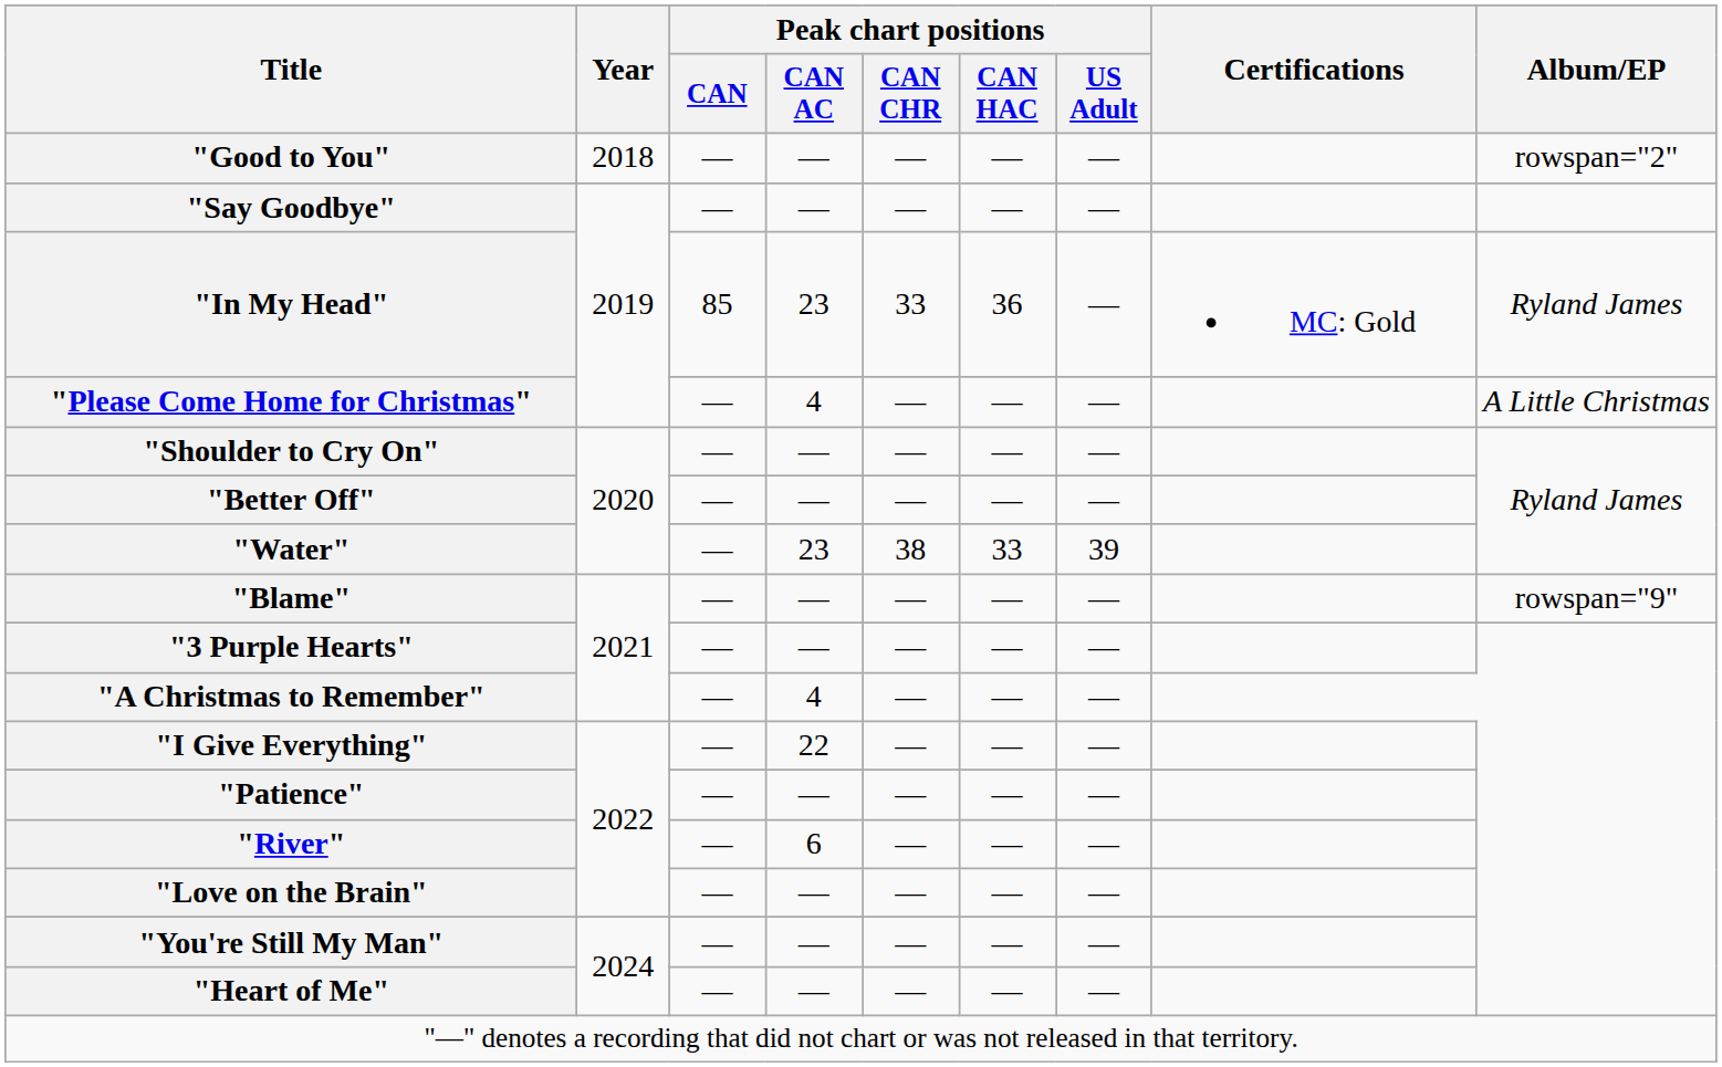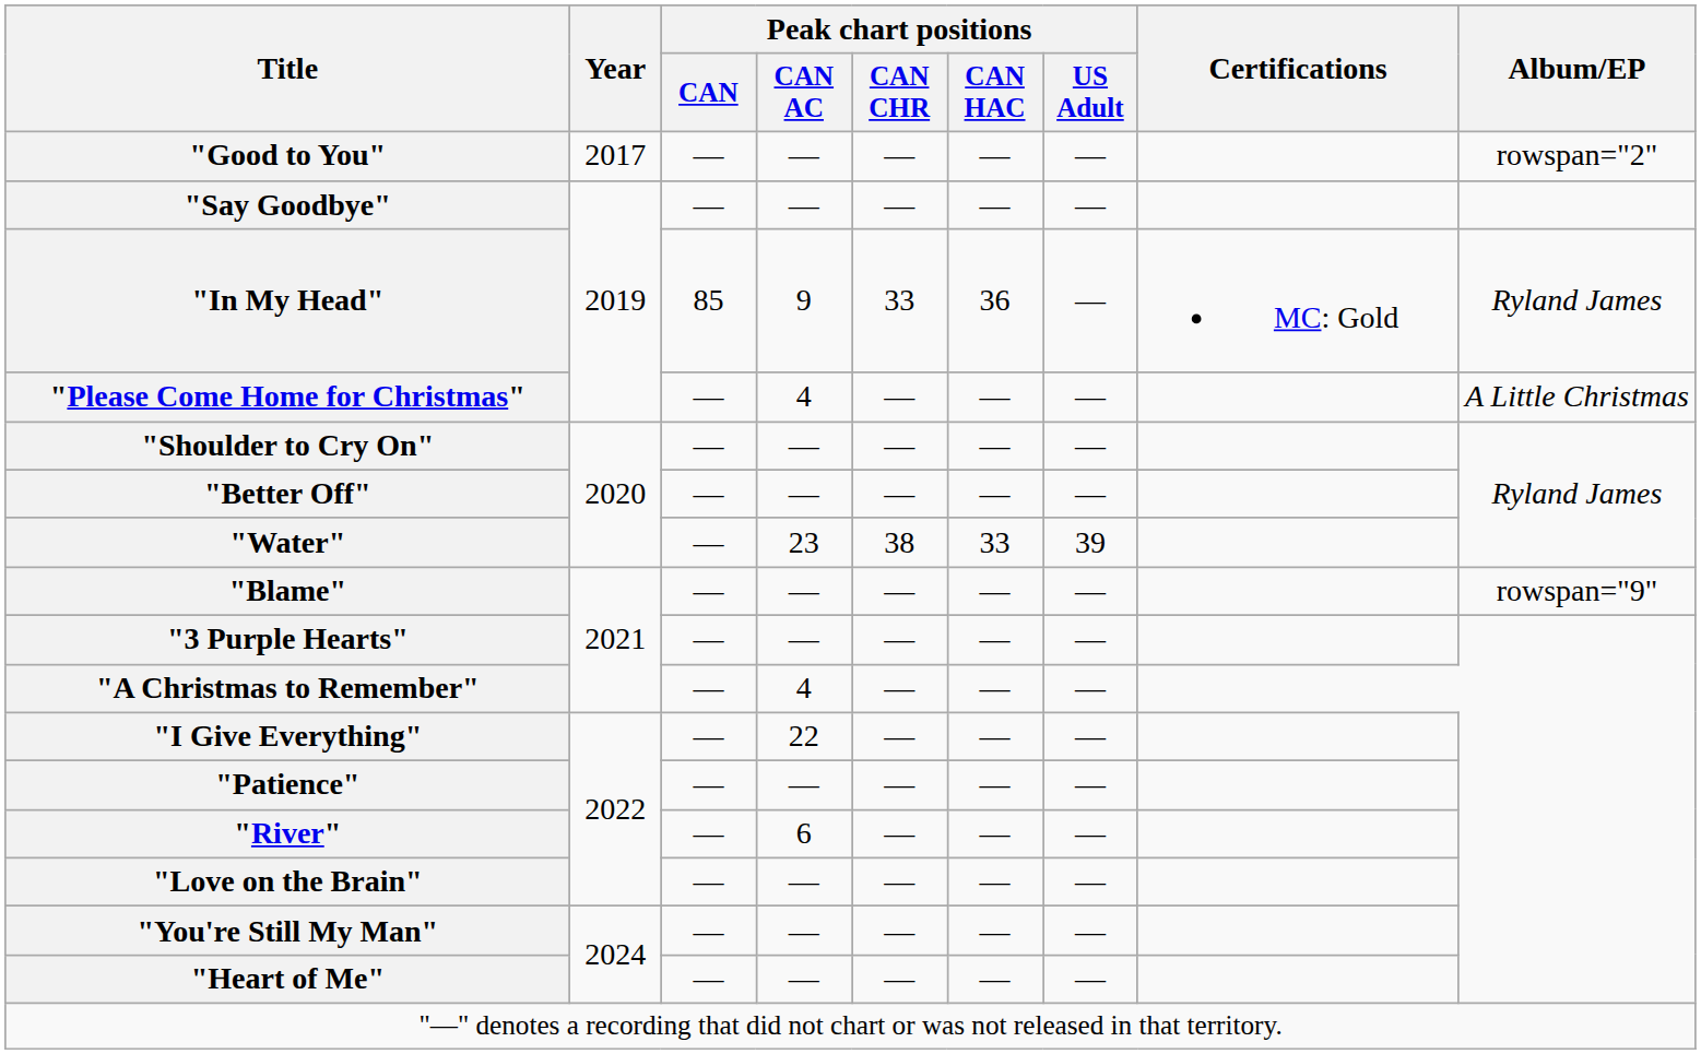 <table class="wikitable plainrowheaders" style="text-align:center;">
 <tr>
 <th scope="col" rowspan="2" style="width:18em;">Title</th>
 <th scope="col" rowspan="2" style="width:2.5em;">Year</th>
 <th scope="col" colspan="5">Peak chart positions</th>
 <th rowspan="2" scope="col" style="width:10em;">Certifications</th>
 <th scope="col" rowspan="2">Album/EP</th>
 </tr>
 <tr>
 <th scope="col" style="width:3em;font-size:90%;"><a href='#'>CAN</a><br></th>
 <th scope="col" style="width:3em;font-size:90%;"><a href='#'>CAN AC</a><br></th>
 <th scope="col" style="width:3em;font-size:90%;"><a href='#'>CAN CHR</a><br></th>
 <th scope="col" style="width:3em;font-size:90%;"><a href='#'>CAN HAC</a><br></th>
 <th scope="col" style="width:3em;font-size:90%;"><a href='#'>US<br>Adult</a><br></th>
 </tr>
 <tr>
 <th scope="row">"Good to You"</th>
-<td>2018</td>
+<td>2017</td>
 <td>—</td>
 <td>—</td>
 <td>—</td>
 <td>—</td>
 <td>—</td>
 <td></td>
 <td>rowspan="2" </td>
 </tr>
 <tr>
 <th scope="row">"Say Goodbye"</th>
 <td rowspan="3">2019</td>
 <td>—</td>
 <td>—</td>
 <td>—</td>
 <td>—</td>
 <td>—</td>
 <td></td>
 </tr>
 <tr>
 <th scope="row">"In My Head"</th>
 <td>85</td>
-<td>23</td>
+<td>9</td>
 <td>33</td>
 <td>36</td>
 <td>—</td>
 <td><br><ul><li><a href='#'>MC</a>: Gold</li></ul></td>
 <td><em>Ryland James</em></td>
 </tr>
 <tr>
 <th scope="row">"<a href='#'>Please Come Home for Christmas</a>"</th>
 <td>—</td>
 <td>4</td>
 <td>—</td>
 <td>—</td>
 <td>—</td>
 <td></td>
 <td><em>A Little Christmas</em></td>
 </tr>
 <tr>
 <th scope="row">"Shoulder to Cry On"</th>
 <td rowspan="3">2020</td>
 <td>—</td>
 <td>—</td>
 <td>—</td>
 <td>—</td>
 <td>—</td>
 <td></td>
 <td rowspan="3"><em>Ryland James</em></td>
 </tr>
 <tr>
 <th scope="row">"Better Off"</th>
 <td>—</td>
 <td>—</td>
 <td>—</td>
 <td>—</td>
 <td>—</td>
 <td></td>
 </tr>
 <tr>
 <th scope="row">"Water"</th>
 <td>—</td>
 <td>23</td>
 <td>38</td>
 <td>33</td>
 <td>39</td>
 <td></td>
 </tr>
 <tr>
 <th scope="row">"Blame"</th>
 <td rowspan="3">2021</td>
 <td>—</td>
 <td>—</td>
 <td>—</td>
 <td>—</td>
 <td>—</td>
 <td></td>
 <td>rowspan="9" </td>
 </tr>
 <tr>
 <th scope="row">"3 Purple Hearts"</th>
 <td>—</td>
 <td>—</td>
 <td>—</td>
 <td>—</td>
 <td>—</td>
 <td></td>
 </tr>
 <tr>
 <th scope="row">"A Christmas to Remember"<br></th>
 <td>—</td>
 <td>4</td>
 <td>—</td>
 <td>—</td>
 <td>—</td>
 </tr>
 <tr>
 <th scope="row">"I Give Everything"</th>
 <td rowspan="4">2022</td>
 <td>—</td>
 <td>22</td>
 <td>—</td>
 <td>—</td>
 <td>—</td>
 <td></td>
 </tr>
 <tr>
 <th scope="row">"Patience"</th>
 <td>—</td>
 <td>—</td>
 <td>—</td>
 <td>—</td>
 <td>—</td>
 <td></td>
 </tr>
 <tr>
 <th scope="row">"<a href='#'>River</a>"</th>
 <td>—</td>
 <td>6</td>
 <td>—</td>
 <td>—</td>
 <td>—</td>
 <td></td>
 </tr>
 <tr>
 <th scope="row">"Love on the Brain"</th>
 <td>—</td>
 <td>—</td>
 <td>—</td>
 <td>—</td>
 <td>—</td>
 <td></td>
 </tr>
 <tr>
 <th scope="row">"You're Still My Man"</th>
 <td rowspan="2">2024</td>
 <td>—</td>
 <td>—</td>
 <td>—</td>
 <td>—</td>
 <td>—</td>
 <td></td>
 </tr>
 <tr>
 <th scope="row">"Heart of Me"</th>
 <td>—</td>
 <td>—</td>
 <td>—</td>
 <td>—</td>
 <td>—</td>
 <td></td>
 </tr>
 <tr>
 <td colspan="9" style="font-size:90%">"—" denotes a recording that did not chart or was not released in that territory.</td>
 </tr>
 </table>
